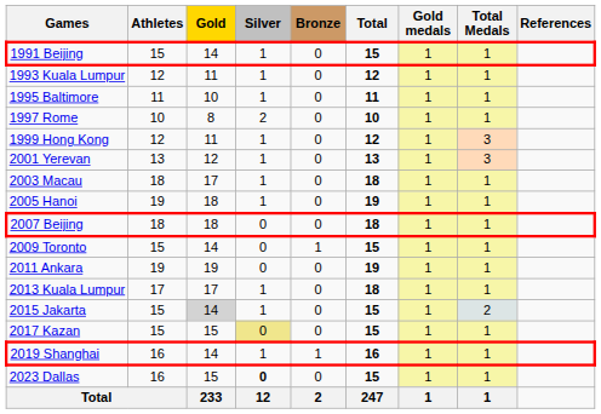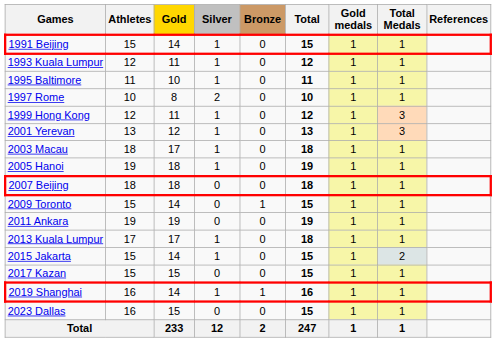 <table class="wikitable" style="text-align:center; font-size:90%;">
 <tr>
 <th>Games</th>
 <th>Athletes</th>
 <td style="background:gold; width:3.2em; font-weight:bold;">Gold</td>
 <td style="background:silver; width:3.7em; font-weight:bold;">Silver</td>
 <td style="background:#c96; width:3.7em; font-weight:bold;">Bronze</td>
 <th style="width:3.5em; font-weight:bold;">Total</th>
 <th style="width:4em; font-weight:bold;">Gold medals</th>
 <th style="width:4em; font-weight:bold;">Total Medals</th>
 <th style="width:4em">References</th>
 </tr>
 <tr style="border: 3px solid red">
 <td align=left><a href='#'> 1991 Beijing</a></td>
 <td>15</td>
 <td>14</td>
 <td>1</td>
 <td>0</td>
 <td><strong>15</strong></td>
 <td style="background:#f7f6a8;">1</td>
 <td style="background:#f7f6a8;">1</td>
 <td></td>
 </tr>
 <tr>
 <td align=left><a href='#'> 1993 Kuala Lumpur</a></td>
 <td>12</td>
 <td>11</td>
 <td>1</td>
 <td>0</td>
 <td><strong>12</strong></td>
 <td style="background:#f7f6a8;">1</td>
 <td style="background:#f7f6a8;">1</td>
 <td></td>
 </tr>
 <tr>
 <td align=left><a href='#'> 1995 Baltimore</a></td>
 <td>11</td>
 <td>10</td>
 <td>1</td>
 <td>0</td>
 <td><strong>11</strong></td>
 <td style="background:#f7f6a8;">1</td>
 <td style="background:#f7f6a8;">1</td>
 <td></td>
 </tr>
 <tr>
 <td align=left><a href='#'> 1997 Rome</a></td>
 <td>10</td>
 <td>8</td>
 <td>2</td>
 <td>0</td>
 <td><strong>10</strong></td>
 <td style="background:#f7f6a8;">1</td>
 <td style="background:#f7f6a8;">1</td>
 <td></td>
 </tr>
 <tr>
 <td align=left><a href='#'> 1999 Hong Kong</a></td>
 <td>12</td>
 <td>11</td>
 <td>1</td>
 <td>0</td>
 <td><strong>12</strong></td>
 <td style="background:#f7f6a8;">1</td>
 <td style="background:#ffdab9;">3</td>
 <td></td>
 </tr>
 <tr>
 <td align=left><a href='#'> 2001 Yerevan</a></td>
 <td>13</td>
 <td>12</td>
 <td>1</td>
 <td>0</td>
 <td><strong>13</strong></td>
 <td style="background:#f7f6a8;">1</td>
 <td style="background:#ffdab9;">3</td>
 <td></td>
 </tr>
 <tr>
 <td align=left><a href='#'> 2003 Macau</a></td>
 <td>18</td>
 <td>17</td>
 <td>1</td>
 <td>0</td>
 <td><strong>18</strong></td>
 <td style="background:#f7f6a8;">1</td>
 <td style="background:#f7f6a8;">1</td>
 <td></td>
 </tr>
 <tr>
 <td align=left><a href='#'> 2005 Hanoi</a></td>
 <td>19</td>
 <td>18</td>
 <td>1</td>
 <td>0</td>
 <td><strong>19</strong></td>
 <td style="background:#f7f6a8;">1</td>
 <td style="background:#f7f6a8;">1</td>
 <td></td>
 </tr>
 <tr style="border: 3px solid red">
 <td align=left><a href='#'> 2007 Beijing</a></td>
 <td>18</td>
 <td>18</td>
 <td>0</td>
 <td>0</td>
 <td><strong>18</strong></td>
 <td style="background:#f7f6a8;">1</td>
 <td style="background:#f7f6a8;">1</td>
 <td></td>
 </tr>
 <tr>
 <td align=left><a href='#'> 2009 Toronto</a></td>
 <td>15</td>
 <td>14</td>
 <td>0</td>
 <td>1</td>
 <td><strong>15</strong></td>
 <td style="background:#f7f6a8;">1</td>
 <td style="background:#f7f6a8;">1</td>
 <td></td>
 </tr>
 <tr>
 <td align=left><a href='#'> 2011 Ankara</a></td>
 <td>19</td>
 <td>19</td>
 <td>0</td>
 <td>0</td>
 <td><strong>19</strong></td>
 <td style="background:#f7f6a8;">1</td>
 <td style="background:#f7f6a8;">1</td>
 <td></td>
 </tr>
 <tr>
 <td align=left><a href='#'> 2013 Kuala Lumpur</a></td>
 <td>17</td>
 <td>17</td>
 <td>1</td>
 <td>0</td>
 <td><strong>18</strong></td>
 <td style="background:#f7f6a8;">1</td>
 <td style="background:#f7f6a8;">1</td>
 <td></td>
 </tr>
 <tr>
 <td align=left><a href='#'> 2015 Jakarta</a></td>
 <td>15</td>
-<td style="background: lightgrey;">14</td>
+<td>14</td>
 <td>1</td>
 <td>0</td>
 <td><strong>15</strong></td>
 <td style="background:#f7f6a8;">1</td>
 <td style="background:#dce5e5;">2</td>
 <td></td>
 </tr>
 <tr>
 <td align=left><a href='#'> 2017 Kazan</a></td>
 <td>15</td>
 <td>15</td>
-<td style="background: khaki;">0</td>
+<td>0</td>
 <td>0</td>
 <td><strong>15</strong></td>
 <td style="background:#f7f6a8;">1</td>
 <td style="background:#f7f6a8;">1</td>
 <td></td>
 </tr>
 <tr style="border: 3px solid red">
 <td align=left><a href='#'> 2019 Shanghai</a></td>
 <td>16</td>
 <td>14</td>
 <td>1</td>
 <td>1</td>
 <td><strong>16</strong></td>
 <td style="background:#f7f6a8;">1</td>
 <td style="background:#f7f6a8;">1</td>
 <td></td>
 </tr>
 <tr>
 <td align=left> <a href='#'>2023 Dallas</a></td>
 <td>16</td>
 <td>15</td>
-<td><strong>0</strong></td>
+<td>0</td>
 <td>0</td>
 <td><strong>15</strong></td>
 <td style="background:#f7f6a8;">1</td>
 <td style="background:#f7f6a8;">1</td>
 <td></td>
 </tr>
 <tr>
 <th colspan=2>Total</th>
 <th>233</th>
 <th>12</th>
 <th>2</th>
 <th>247</th>
 <th>1</th>
 <th>1</th>
 </tr>
 </table>
